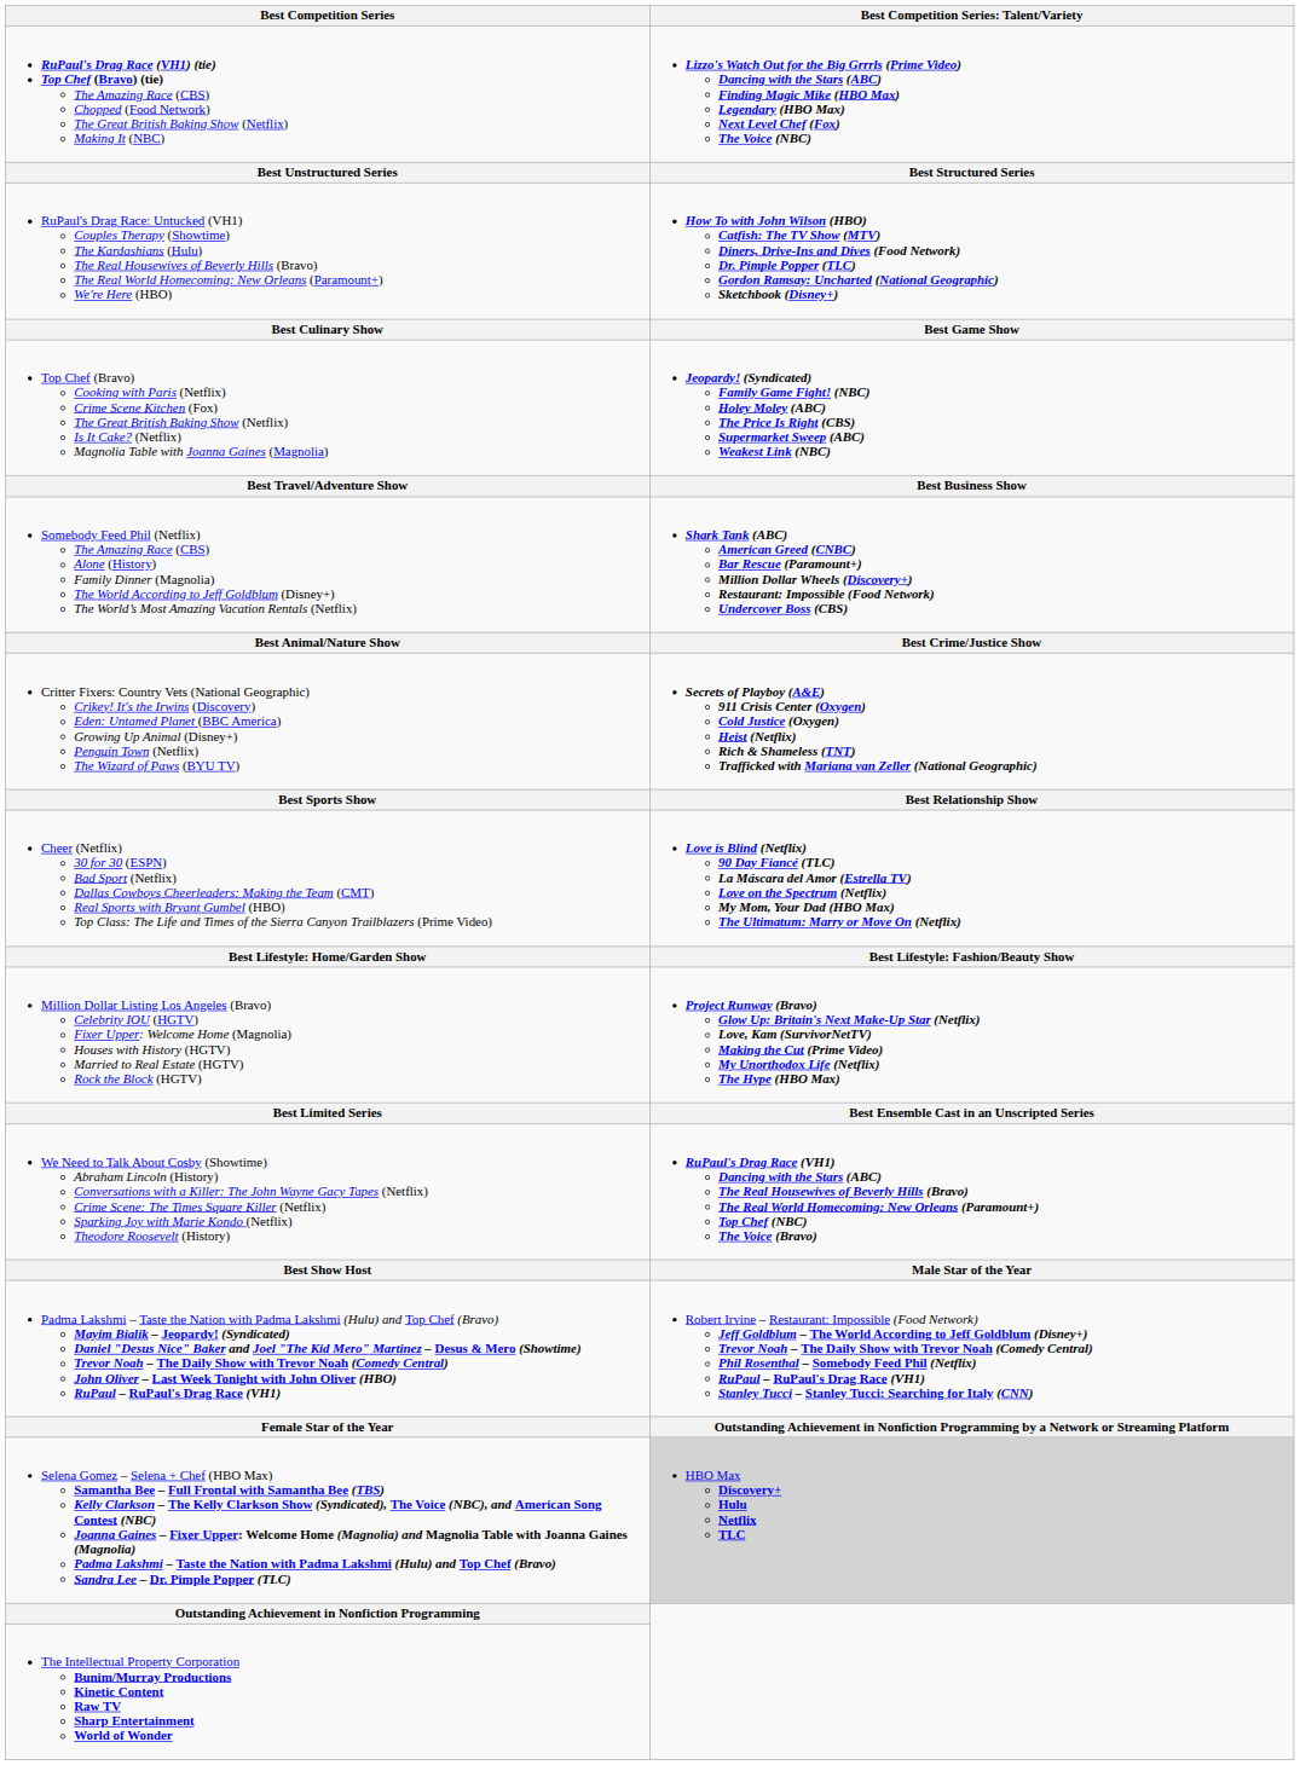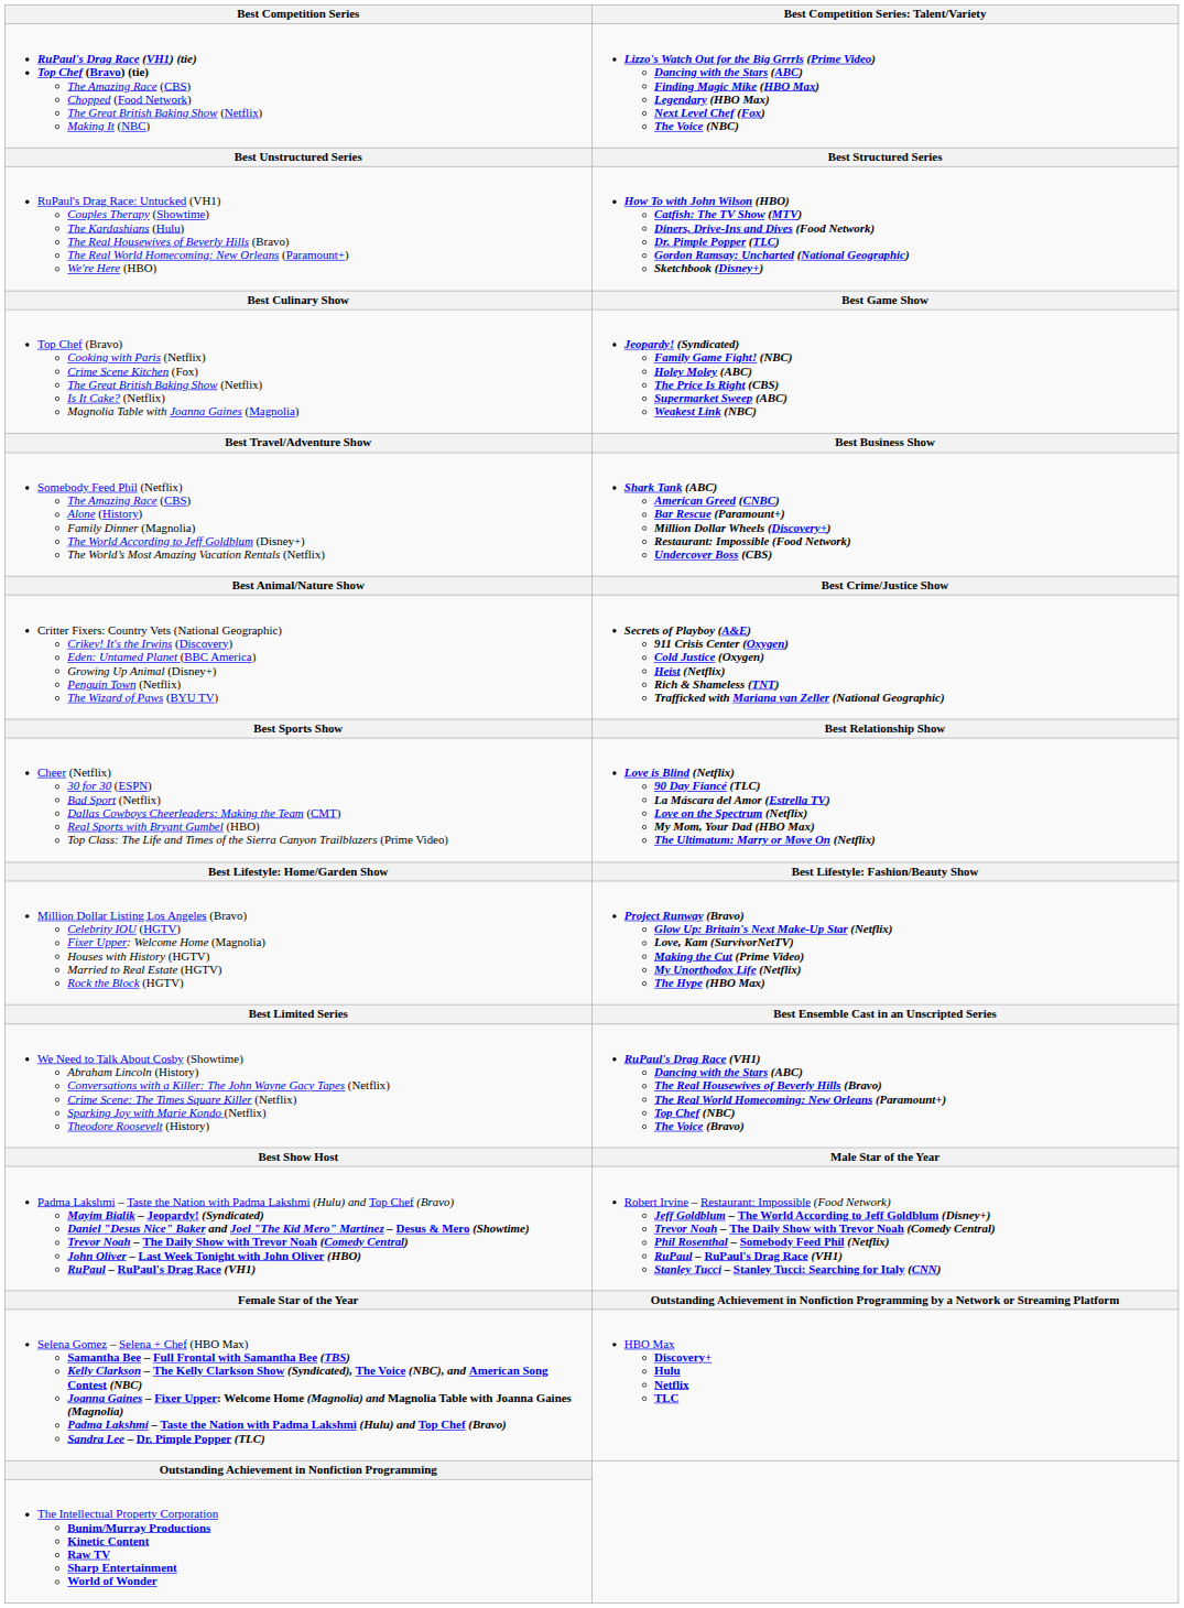 <table class=wikitable>
 <tr>
 <th style="width:50%">Best Competition Series</th>
 <th style="width:50%">Best Competition Series: Talent/Variety</th>
 </tr>
 <tr>
 <td valign="top"><br><ul><li><strong><em><a href='#'>RuPaul's Drag Race</a><em> (<a href='#'>VH1</a>) (tie)<strong></li><li></em></strong><a href='#'>Top Chef</a></em> (<a href='#'>Bravo</a>) (tie)</strong><ul><li><em><a href='#'>The Amazing Race</a></em> (<a href='#'>CBS</a>)</li><li><em><a href='#'>Chopped</a></em> (<a href='#'>Food Network</a>)</li><li><em><a href='#'>The Great British Baking Show</a></em> (<a href='#'>Netflix</a>)</li><li><em><a href='#'>Making It</a></em> (<a href='#'>NBC</a>)</li></ul></li></ul></td>
 <td valign="top"><br><ul><li><strong><em><a href='#'>Lizzo's Watch Out for the Big Grrrls</a><em> (<a href='#'>Prime Video</a>)<strong><ul><li></em><a href='#'>Dancing with the Stars</a><em> (<a href='#'>ABC</a>)</li><li></em><a href='#'>Finding Magic Mike</a><em> (<a href='#'>HBO Max</a>)</li><li></em><a href='#'>Legendary</a><em> (HBO Max)</li><li></em><a href='#'>Next Level Chef</a><em> (<a href='#'>Fox</a>)</li><li></em><a href='#'>The Voice</a><em> (NBC)</li></ul></li></ul></td>
 </tr>
 <tr>
 <th style="width:50%">Best Unstructured Series</th>
 <th style="width:50%">Best Structured Series</th>
 </tr>
 <tr>
 <td valign="top"><br><ul><li></em></strong><a href='#'>RuPaul's Drag Race: Untucked</a></em> (VH1)</strong><ul><li><em><a href='#'>Couples Therapy</a></em> (<a href='#'>Showtime</a>)</li><li><em><a href='#'>The Kardashians</a></em> (<a href='#'>Hulu</a>)</li><li><em><a href='#'>The Real Housewives of Beverly Hills</a></em> (Bravo)</li><li><em><a href='#'>The Real World Homecoming: New Orleans</a></em> (<a href='#'>Paramount+</a>)</li><li><em><a href='#'>We're Here</a></em> (HBO)</li></ul></li></ul></td>
 <td valign="top"><br><ul><li><strong><em><a href='#'>How To with John Wilson</a><em> (HBO)<strong><ul><li></em><a href='#'>Catfish: The TV Show</a><em> (<a href='#'>MTV</a>)</li><li></em><a href='#'>Diners, Drive-Ins and Dives</a><em> (Food Network)</li><li></em><a href='#'>Dr. Pimple Popper</a><em> (<a href='#'>TLC</a>)</li><li></em><a href='#'>Gordon Ramsay: Uncharted</a><em> (<a href='#'>National Geographic</a>)</li><li></em>Sketchbook<em> (<a href='#'>Disney+</a>)</li></ul></li></ul></td>
 </tr>
 <tr>
 <th style="width:50%">Best Culinary Show</th>
 <th style="width:50%">Best Game Show</th>
 </tr>
 <tr>
 <td valign="top"><br><ul><li></em></strong><a href='#'>Top Chef</a></em> (Bravo)</strong><ul><li><em><a href='#'>Cooking with Paris</a></em> (Netflix)</li><li><em><a href='#'>Crime Scene Kitchen</a></em> (Fox)</li><li><em><a href='#'>The Great British Baking Show</a></em> (Netflix)</li><li><em><a href='#'>Is It Cake?</a></em> (Netflix)</li><li><em>Magnolia Table with <a href='#'>Joanna Gaines</a></em> (<a href='#'>Magnolia</a>)</li></ul></li></ul></td>
 <td valign="top"><br><ul><li><strong><em><a href='#'>Jeopardy!</a><em> (Syndicated)<strong><ul><li></em><a href='#'>Family Game Fight!</a><em> (NBC)</li><li></em><a href='#'>Holey Moley</a><em> (ABC)</li><li></em><a href='#'>The Price Is Right</a><em> (CBS)</li><li></em><a href='#'>Supermarket Sweep</a><em> (ABC)</li><li></em><a href='#'>Weakest Link</a><em> (NBC)</li></ul></li></ul></td>
 </tr>
 <tr>
 <th style="width:50%">Best Travel/Adventure Show</th>
 <th style="width:50%">Best Business Show</th>
 </tr>
 <tr>
 <td valign="top"><br><ul><li></em></strong><a href='#'>Somebody Feed Phil</a></em> (Netflix)</strong><ul><li><em><a href='#'>The Amazing Race</a></em> (<a href='#'>CBS</a>)</li><li><em><a href='#'>Alone</a></em> (<a href='#'>History</a>)</li><li><em>Family Dinner</em> (Magnolia)</li><li><em><a href='#'>The World According to Jeff Goldblum</a></em> (Disney+)</li><li><em>The World’s Most Amazing Vacation Rentals</em> (Netflix)</li></ul></li></ul></td>
 <td valign="top"><br><ul><li><strong><em><a href='#'>Shark Tank</a><em> (ABC)<strong><ul><li></em><a href='#'>American Greed</a><em> (<a href='#'>CNBC</a>)</li><li></em><a href='#'>Bar Rescue</a><em> (Paramount+)</li><li></em>Million Dollar Wheels<em> (<a href='#'>Discovery+</a>)</li><li></em>Restaurant: Impossible<em> (Food Network)</li><li></em><a href='#'>Undercover Boss</a><em> (CBS)</li></ul></li></ul></td>
 </tr>
 <tr>
 <th style="width:50%">Best Animal/Nature Show</th>
 <th style="width:50%">Best Crime/Justice Show</th>
 </tr>
 <tr>
 <td valign="top"><br><ul><li></em></strong>Critter Fixers: Country Vets</em> (National Geographic)</strong><ul><li><em><a href='#'>Crikey! It's the Irwins</a></em> (<a href='#'>Discovery</a>)</li><li><em><a href='#'>Eden: Untamed Planet </a></em> (<a href='#'>BBC America</a>)</li><li><em>Growing Up Animal</em> (Disney+)</li><li><em><a href='#'>Penguin Town</a></em> (Netflix)</li><li><em><a href='#'>The Wizard of Paws</a></em> (<a href='#'>BYU TV</a>)</li></ul></li></ul></td>
 <td valign="top"><br><ul><li><strong><em>Secrets of Playboy<em> (<a href='#'>A&E</a>)<strong><ul><li></em>911 Crisis Center<em> (<a href='#'>Oxygen</a>)</li><li></em><a href='#'>Cold Justice</a><em> (Oxygen)</li><li></em><a href='#'>Heist</a><em> (Netflix)</li><li></em>Rich & Shameless<em> (<a href='#'>TNT</a>)</li><li></em>Trafficked with <a href='#'>Mariana van Zeller</a><em> (National Geographic)</li></ul></li></ul></td>
 </tr>
 <tr>
 <th style="width:50%">Best Sports Show</th>
 <th style="width:50%">Best Relationship Show</th>
 </tr>
 <tr>
 <td valign="top"><br><ul><li></em></strong><a href='#'>Cheer</a></em> (Netflix)</strong><ul><li><em><a href='#'>30 for 30</a></em> (<a href='#'>ESPN</a>)</li><li><em><a href='#'>Bad Sport</a></em> (Netflix)</li><li><em><a href='#'>Dallas Cowboys Cheerleaders: Making the Team</a></em> (<a href='#'>CMT</a>)</li><li><em><a href='#'>Real Sports with Bryant Gumbel</a></em> (HBO)</li><li><em>Top Class: The Life and Times of the Sierra Canyon Trailblazers</em> (Prime Video)</li></ul></li></ul></td>
 <td valign="top"><br><ul><li><strong><em><a href='#'>Love is Blind</a><em> (Netflix)<strong><ul><li></em><a href='#'>90 Day Fiancé</a><em> (TLC)</li><li></em>La Máscara del Amor<em> (<a href='#'>Estrella TV</a>)</li><li></em><a href='#'>Love on the Spectrum</a><em> (Netflix)</li><li></em>My Mom, Your Dad<em> (HBO Max)</li><li></em><a href='#'>The Ultimatum: Marry or Move On</a><em> (Netflix)</li></ul></li></ul></td>
 </tr>
 <tr>
 <th style="width:50%">Best Lifestyle: Home/Garden Show</th>
 <th style="width:50%">Best Lifestyle: Fashion/Beauty Show</th>
 </tr>
 <tr>
 <td valign="top"><br><ul><li></em></strong><a href='#'>Million Dollar Listing Los Angeles</a></em> (Bravo)</strong><ul><li><em><a href='#'>Celebrity IOU</a></em> (<a href='#'>HGTV</a>)</li><li><em><a href='#'>Fixer Upper</a>: Welcome Home</em> (Magnolia)</li><li><em>Houses with History</em> (HGTV)</li><li><em>Married to Real Estate</em> (HGTV)</li><li><em><a href='#'>Rock the Block</a></em> (HGTV)</li></ul></li></ul></td>
 <td valign="top"><br><ul><li><strong><em><a href='#'>Project Runway</a><em> (Bravo)<strong><ul><li></em><a href='#'>Glow Up: Britain's Next Make-Up Star</a><em> (Netflix)</li><li></em>Love, Kam<em> (SurvivorNetTV)</li><li></em><a href='#'>Making the Cut</a><em> (Prime Video)</li><li></em><a href='#'>My Unorthodox Life</a><em> (Netflix)</li><li></em><a href='#'>The Hype</a><em> (HBO Max)</li></ul></li></ul></td>
 </tr>
 <tr>
 <th style="width:50%">Best Limited Series</th>
 <th style="width:50%">Best Ensemble Cast in an Unscripted Series</th>
 </tr>
 <tr>
 <td valign="top"><br><ul><li></em></strong><a href='#'>We Need to Talk About Cosby</a></em> (Showtime)</strong><ul><li><em>Abraham Lincoln</em> (History)</li><li><em><a href='#'>Conversations with a Killer: The John Wayne Gacy Tapes</a></em> (Netflix)</li><li><em><a href='#'>Crime Scene: The Times Square Killer</a></em> (Netflix)</li><li><em><a href='#'>Sparking Joy with Marie Kondo </a></em> (Netflix)</li><li><em><a href='#'>Theodore Roosevelt</a></em> (History)</li></ul></li></ul></td>
 <td valign="top"><br><ul><li><strong><em><a href='#'>RuPaul's Drag Race</a><em> (VH1)<strong><ul><li></em><a href='#'>Dancing with the Stars</a><em> (ABC)</li><li></em><a href='#'>The Real Housewives of Beverly Hills</a><em> (Bravo)</li><li></em><a href='#'>The Real World Homecoming: New Orleans</a><em> (Paramount+)</li><li></em><a href='#'>Top Chef</a><em> (NBC)</li><li></em><a href='#'>The Voice</a><em> (Bravo)</li></ul></li></ul></td>
 </tr>
 <tr>
 <th style="width:50%">Best Show Host</th>
 <th style="width:50%">Male Star of the Year</th>
 </tr>
 <tr>
 <td valign="top"><br><ul><li></strong><a href='#'>Padma Lakshmi</a> – </em><a href='#'>Taste the Nation with Padma Lakshmi</a><em> (Hulu) and </em><a href='#'>Top Chef</a><em> (Bravo)<strong><ul><li><a href='#'>Mayim Bialik</a> – </em><a href='#'>Jeopardy!</a><em> (Syndicated)</li><li><a href='#'>Daniel "Desus Nice" Baker</a> and <a href='#'>Joel "The Kid Mero" Martinez</a> – </em><a href='#'>Desus & Mero</a><em> (Showtime)</li><li><a href='#'>Trevor Noah</a> – </em><a href='#'>The Daily Show with Trevor Noah</a><em> (<a href='#'>Comedy Central</a>)</li><li><a href='#'>John Oliver</a> – </em><a href='#'>Last Week Tonight with John Oliver</a><em> (HBO)</li><li><a href='#'>RuPaul</a> – </em><a href='#'>RuPaul's Drag Race</a><em> (VH1)</li></ul></li></ul></td>
 <td valign="top"><br><ul><li></strong><a href='#'>Robert Irvine</a> – </em><a href='#'>Restaurant: Impossible</a><em> (Food Network)<strong><ul><li><a href='#'>Jeff Goldblum</a> – </em><a href='#'>The World According to Jeff Goldblum</a><em> (Disney+)</li><li><a href='#'>Trevor Noah</a> – </em><a href='#'>The Daily Show with Trevor Noah</a><em> (Comedy Central)</li><li><a href='#'>Phil Rosenthal</a> – </em><a href='#'>Somebody Feed Phil</a><em> (Netflix)</li><li><a href='#'>RuPaul</a> – </em><a href='#'>RuPaul's Drag Race</a><em> (VH1)</li><li><a href='#'>Stanley Tucci</a> – </em><a href='#'>Stanley Tucci: Searching for Italy</a><em> (<a href='#'>CNN</a>)</li></ul></li></ul></td>
 </tr>
 <tr>
 <th style="width:50%">Female Star of the Year</th>
 <th style="width:50%">Outstanding Achievement in Nonfiction Programming by a Network or Streaming Platform</th>
 </tr>
 <tr>
 <td valign="top"><br><ul><li></strong><a href='#'>Selena Gomez</a> – <a href='#'>Selena + Chef</a> (HBO Max)<strong><ul><li><a href='#'>Samantha Bee</a> – </em><a href='#'>Full Frontal with Samantha Bee</a><em> (<a href='#'>TBS</a>)</li><li><a href='#'>Kelly Clarkson</a> – </em><a href='#'>The Kelly Clarkson Show</a><em> (Syndicated), </em><a href='#'>The Voice</a><em> (NBC), and </em><a href='#'>American Song Contest</a><em> (NBC)</li><li><a href='#'>Joanna Gaines</a> – </em><a href='#'>Fixer Upper</a>: Welcome Home<em> (Magnolia) and </em>Magnolia Table with Joanna Gaines<em> (Magnolia)</li><li><a href='#'>Padma Lakshmi</a> – </em><a href='#'>Taste the Nation with Padma Lakshmi</a><em> (Hulu) and </em><a href='#'>Top Chef</a><em> (Bravo)</li><li><a href='#'>Sandra Lee</a> – </em><a href='#'>Dr. Pimple Popper</a><em> (TLC)</li></ul></li></ul></td>
-<td valign="top" style="background: lightgrey;"><br><ul><li></strong><a href='#'>HBO Max</a><strong><ul><li><a href='#'>Discovery+</a></li><li><a href='#'>Hulu</a></li><li><a href='#'>Netflix</a></li><li><a href='#'>TLC</a></li></ul></li></ul></td>
+<td valign="top"><br><ul><li></strong><a href='#'>HBO Max</a><strong><ul><li><a href='#'>Discovery+</a></li><li><a href='#'>Hulu</a></li><li><a href='#'>Netflix</a></li><li><a href='#'>TLC</a></li></ul></li></ul></td>
 </tr>
 <tr>
 <th style="width:50%">Outstanding Achievement in Nonfiction Programming</th>
 </tr>
 <tr>
 <td valign="top"><br><ul><li></strong><a href='#'>The Intellectual Property Corporation</a><strong><ul><li><a href='#'>Bunim/Murray Productions</a></li><li><a href='#'>Kinetic Content</a></li><li><a href='#'>Raw TV</a></li><li><a href='#'>Sharp Entertainment</a></li><li><a href='#'>World of Wonder</a></li></ul></li></ul></td>
 </tr>
 </table>
